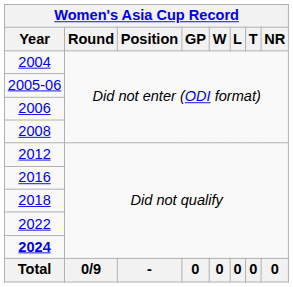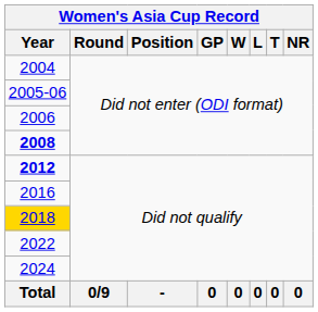 <table class="wikitable" style="text-align: center; width=900px;">
 <tr>
 <th colspan="8"><a href='#'>Women's Asia Cup Record</a></th>
 </tr>
 <tr>
 <th>Year</th>
 <th>Round</th>
 <th>Position</th>
 <th>GP</th>
 <th>W</th>
 <th>L</th>
 <th>T</th>
 <th>NR</th>
 </tr>
 <tr>
 <td><a href='#'>2004</a> </td>
 <td colspan="7" rowspan="4"><em>Did not enter (<a href='#'>ODI</a> format)</em></td>
 </tr>
 <tr>
 <td><a href='#'>2005-06</a> </td>
 </tr>
 <tr>
 <td><a href='#'>2006</a> </td>
 </tr>
 <tr>
-<td><a href='#'>2008</a> </td>
+<td><strong><a href='#'>2008</a> </strong></td>
 </tr>
 <tr>
-<td><a href='#'>2012</a> </td>
+<td><strong><a href='#'>2012</a> </strong></td>
 <td colspan="7" rowspan="5"><em>Did not qualify</td>
 </tr>
 <tr>
 <td><a href='#'>2016</a> </td>
 </tr>
 <tr>
-<td><a href='#'>2018</a> </td>
+<td style="background: gold;"><a href='#'>2018</a> </td>
 </tr>
 <tr>
 <td><a href='#'>2022</a> </td>
 </tr>
 <tr>
-<td><strong><a href='#'>2024</a> </strong></td>
+<td><a href='#'>2024</a> </td>
 </tr>
 <tr>
 <th>Total</th>
 <th>0/9</th>
 <th>-</th>
 <th>0</th>
 <th>0</th>
 <th>0</th>
 <th>0</th>
 <th>0</th>
 </tr>
 </table>
